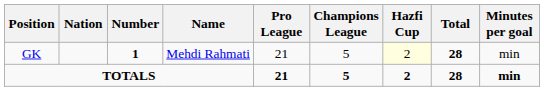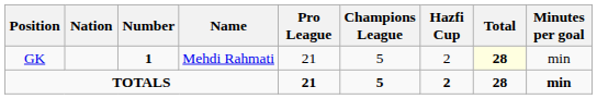 <table class="wikitable" style="font-size: 95%; text-align: center;">
 <tr>
 <th width=60>Position</th>
 <th width=60>Nation</th>
 <th width=60>Number</th>
 <th width=200>Name</th>
 <th width=80>Pro League</th>
 <th width=80>Champions League</th>
 <th width=80>Hazfi Cup</th>
 <th width=80>Total</th>
 <th width=80>Minutes per goal</th>
 </tr>
 <tr>
 <td><a href='#'>GK</a></td>
 <td></td>
 <td><strong>1</strong></td>
 <td><a href='#'>Mehdi Rahmati</a></td>
 <td>21 </td>
 <td>5 </td>
-<td style="background: lightyellow;">2 </td>
-<td><strong>28</strong> </td>
+<td>2 </td>
+<td style="background: lightyellow;"><strong>28</strong> </td>
 <td> min </td>
 </tr>
 <tr>
 <td colspan="4"><strong>TOTALS</strong></td>
 <td><strong>21</strong> </td>
 <td><strong>5</strong> </td>
 <td><strong>2</strong> </td>
 <td><strong>28</strong> </td>
 <td><strong> min</strong> </td>
 </tr>
 </table>
